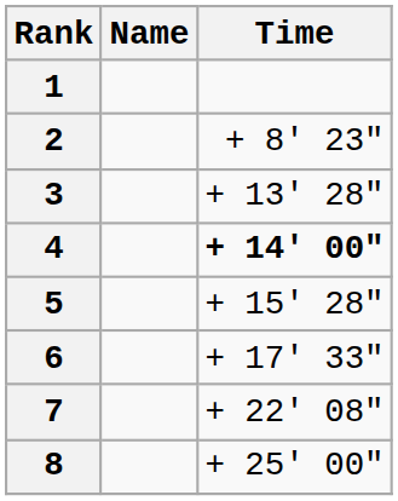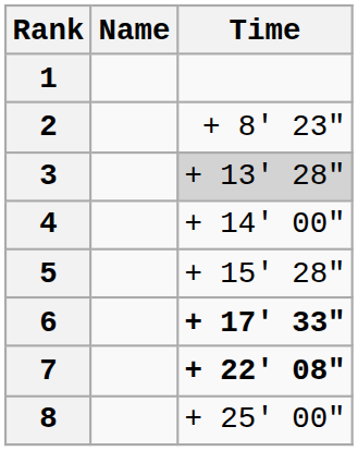 <table class="wikitable">
 <tr>
 <th>Rank</th>
 <th>Name</th>
 <th>Time</th>
 </tr>
 <tr>
 <th style="text-align:center">1</th>
 <td> </td>
 <td align="right"></td>
 </tr>
 <tr>
 <th style="text-align:center">2</th>
 <td></td>
 <td align="right">+ 8' 23"</td>
 </tr>
 <tr>
 <th style="text-align:center">3</th>
 <td></td>
-<td align="right">+ 13' 28"</td>
+<td align="right" style="background: lightgrey;">+ 13' 28"</td>
 </tr>
 <tr>
 <th style="text-align:center">4</th>
 <td></td>
-<td align="right"><strong>+ 14' 00"</strong></td>
+<td align="right">+ 14' 00"</td>
 </tr>
 <tr>
 <th style="text-align:center">5</th>
 <td></td>
 <td align="right">+ 15' 28"</td>
 </tr>
 <tr>
 <th style="text-align:center">6</th>
 <td></td>
-<td align="right">+ 17' 33"</td>
+<td align="right"><strong>+ 17' 33"</strong></td>
 </tr>
 <tr>
 <th style="text-align:center">7</th>
 <td></td>
-<td align="right">+ 22' 08"</td>
+<td align="right"><strong>+ 22' 08"</strong></td>
 </tr>
 <tr>
 <th style="text-align:center">8</th>
 <td></td>
 <td align="right">+ 25' 00"</td>
 </tr>
 <tr>
 </tr>
 </table>
